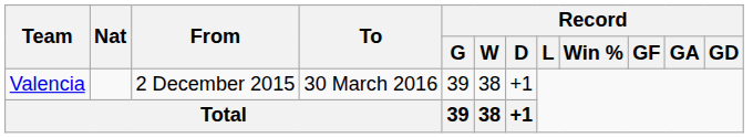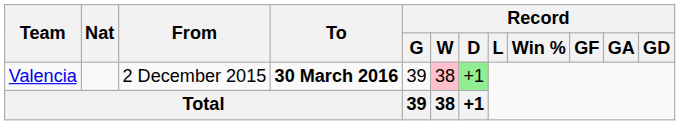 <table class="wikitable" style="text-align: center">
 <tr>
 <th rowspan="2">Team</th>
 <th rowspan="2">Nat</th>
 <th rowspan="2">From</th>
 <th rowspan="2">To</th>
 <th colspan="8">Record</th>
 </tr>
 <tr>
 <th>G</th>
 <th>W</th>
 <th>D</th>
 <th>L</th>
 <th>Win %</th>
 <th>GF</th>
 <th>GA</th>
 <th>GD</th>
 </tr>
 <tr>
 <td align=left><a href='#'>Valencia</a></td>
 <td></td>
 <td align=left>2 December 2015</td>
-<td align=left>30 March 2016<br></td>
+<td align=left><strong>30 March 2016<br></strong></td>
 <td align=centre>39</td>
-<td align=centre>38</td>
-<td align=centre>+1</td>
+<td align=centre style="background: pink;">38</td>
+<td align=centre style="background: lightgreen;">+1</td>
 </tr>
 <tr>
 <th colspan="4">Total<br></th>
 <th align=centre>39</th>
 <th align=centre>38</th>
 <th align=centre>+1</th>
 </tr>
 </table>
